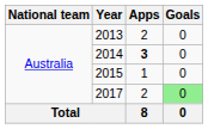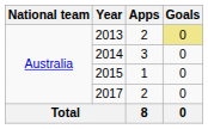 <table class="wikitable" style="text-align:center">
 <tr>
 <th>National team</th>
 <th>Year</th>
 <th>Apps</th>
 <th>Goals</th>
 </tr>
 <tr>
 <td rowspan="4"><a href='#'>Australia</a></td>
 <td>2013</td>
 <td>2</td>
-<td>0</td>
+<td style="background: khaki;">0</td>
 </tr>
 <tr>
 <td>2014</td>
-<td><strong>3</strong></td>
+<td>3</td>
 <td>0</td>
 </tr>
 <tr>
 <td>2015</td>
 <td>1</td>
 <td>0</td>
 </tr>
 <tr>
 <td>2017</td>
 <td>2</td>
-<td style="background: lightgreen;">0</td>
+<td>0</td>
 </tr>
 <tr>
 <th colspan="2">Total</th>
 <th>8</th>
 <th>0</th>
 </tr>
 </table>
